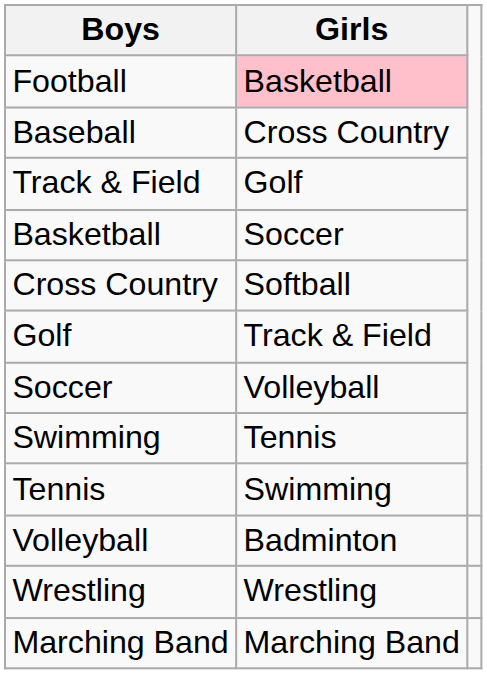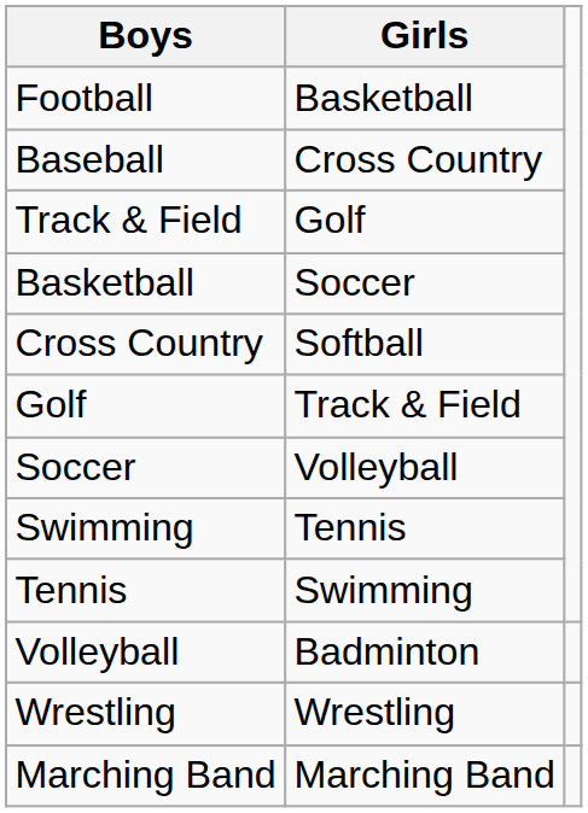 <table class="wikitable">
 <tr>
 <th>Boys</th>
 <th>Girls</th>
 </tr>
 <tr>
 <td>Football</td>
-<td style="background: pink;">Basketball</td>
+<td>Basketball</td>
 </tr>
 <tr>
 <td>Baseball</td>
 <td>Cross Country</td>
 </tr>
 <tr>
 <td>Track & Field</td>
 <td>Golf</td>
 </tr>
 <tr>
 <td>Basketball</td>
 <td>Soccer</td>
 </tr>
 <tr>
 <td>Cross Country</td>
 <td>Softball</td>
 </tr>
 <tr>
 <td>Golf</td>
 <td>Track & Field</td>
 </tr>
 <tr>
 <td>Soccer</td>
 <td>Volleyball</td>
 </tr>
 <tr>
 <td>Swimming</td>
 <td>Tennis</td>
 </tr>
 <tr>
 <td>Tennis</td>
 <td>Swimming</td>
 </tr>
 <tr>
 <td>Volleyball</td>
 <td>Badminton</td>
 <td></td>
 </tr>
 <tr>
 <td>Wrestling</td>
 <td>Wrestling</td>
 </tr>
 <tr>
 <td>Marching Band</td>
 <td>Marching Band</td>
 <td></td>
 </tr>
 </table>
